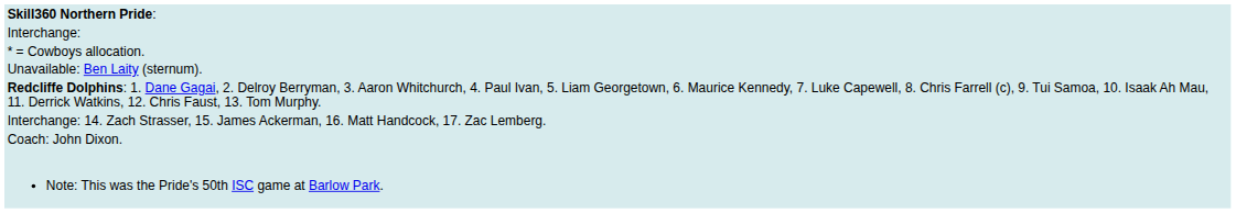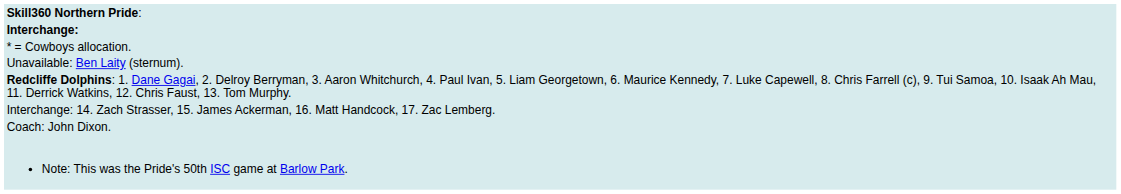 <table style="background:#d7ebed; font-size:85%; width:100%;">
 <tr>
 <td><strong>Skill360 Northern Pride</strong>:             </td>
 </tr>
 <tr>
-<td>Interchange:    </td>
+<td><strong>Interchange:    </strong></td>
 </tr>
 <tr>
 <td>* = Cowboys allocation.</td>
 </tr>
 <tr>
 <td>Unavailable: <a href='#'>Ben Laity</a> (sternum).</td>
 </tr>
 <tr>
 <td><strong>Redcliffe Dolphins</strong>: 1. <a href='#'>Dane Gagai</a>, 2. Delroy Berryman, 3. Aaron Whitchurch, 4. Paul Ivan, 5. Liam Georgetown, 6. Maurice Kennedy, 7. Luke Capewell, 8. Chris Farrell (c), 9. Tui Samoa, 10. Isaak Ah Mau, 11. Derrick Watkins, 12. Chris Faust, 13. Tom Murphy.</td>
 </tr>
 <tr>
 <td>Interchange: 14. Zach Strasser, 15. James Ackerman, 16. Matt Handcock, 17. Zac Lemberg.</td>
 </tr>
 <tr>
 <td>Coach: John Dixon.</td>
 </tr>
 <tr>
 <td><br><ul><li>Note: This was the Pride's 50th <a href='#'>ISC</a> game at <a href='#'>Barlow Park</a>.</li></ul></td>
 </tr>
 </table>
